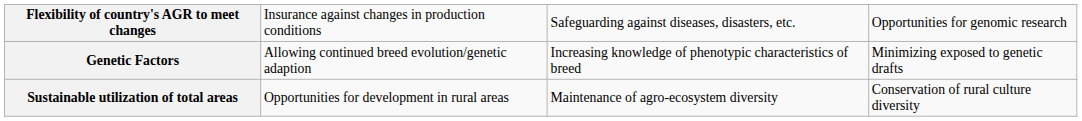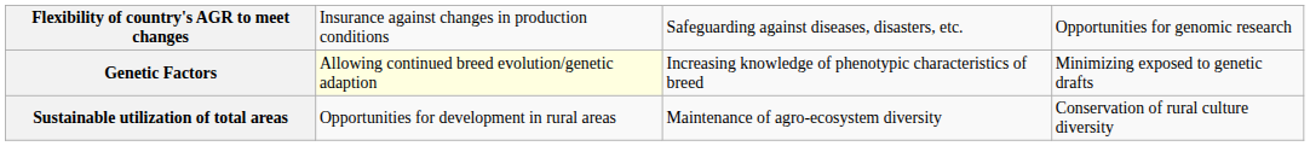 <table class="wikitable">
 <tr>
 <th>Flexibility of country's AGR to meet changes</th>
 <td>Insurance against changes in production conditions</td>
 <td>Safeguarding against diseases, disasters, etc.</td>
 <td>Opportunities for genomic research</td>
 </tr>
 <tr>
 <th>Genetic Factors</th>
-<td>Allowing continued breed evolution/genetic adaption</td>
+<td style="background: lightyellow;">Allowing continued breed evolution/genetic adaption</td>
 <td>Increasing knowledge of phenotypic characteristics of breed</td>
 <td>Minimizing exposed to genetic drafts</td>
 </tr>
 <tr>
 <th>Sustainable utilization of total areas</th>
 <td>Opportunities for development in rural areas</td>
 <td>Maintenance of agro-ecosystem diversity</td>
 <td>Conservation of rural culture diversity</td>
 </tr>
 </table>
